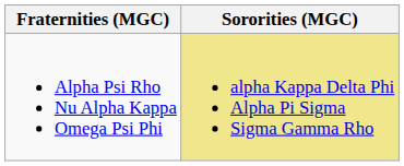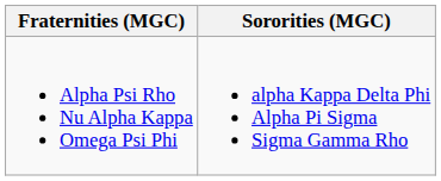 <table class="wikitable">
 <tr>
 <th colspan="1">Fraternities (MGC)</th>
 <th colspan="1">Sororities (MGC)</th>
 </tr>
 <tr>
 <td style="vertical-align:top;"><br><ul><li><a href='#'>Alpha Psi Rho</a></li><li><a href='#'>Nu Alpha Kappa</a></li><li><a href='#'>Omega Psi Phi</a></li></ul></td>
-<td style="background: khaki; vertical-align:top;"><br><ul><li><a href='#'>alpha Kappa Delta Phi</a></li><li><a href='#'>Alpha Pi Sigma</a></li><li><a href='#'>Sigma Gamma Rho</a></li></ul></td>
+<td style="vertical-align:top;"><br><ul><li><a href='#'>alpha Kappa Delta Phi</a></li><li><a href='#'>Alpha Pi Sigma</a></li><li><a href='#'>Sigma Gamma Rho</a></li></ul></td>
 </tr>
 </table>
